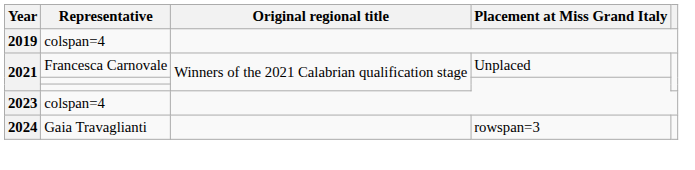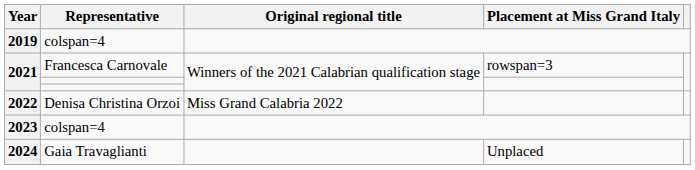 <table class="wikitable defaultcenter col2left" style="font-size:95%;">
 <tr>
 <th>Year</th>
 <th>Representative</th>
 <th>Original regional title</th>
 <th>Placement at Miss Grand Italy</th>
 <th></th>
 </tr>
 <tr>
 <th>2019</th>
 <td>colspan=4 </td>
 </tr>
 <tr>
 <th rowspan=3>2021</th>
 <td>Francesca Carnovale</td>
 <td rowspan=3>Winners of the 2021 Calabrian qualification stage</td>
-<td>Unplaced</td>
+<td>rowspan=3 </td>
 <td rowspan=3></td>
 </tr>
 <tr>
 <td></td>
 </tr>
 <tr>
+<td></td>
+</tr>
+<tr>
+<th>2022</th>
+<td>Denisa Christina Orzoi</td>
+<td>Miss Grand Calabria 2022</td>
+<td></td>
 <td></td>
 </tr>
 <tr>
 <th>2023</th>
 <td>colspan=4 </td>
 </tr>
 <tr>
 <th>2024</th>
 <td>Gaia Travaglianti</td>
 <td></td>
-<td>rowspan=3 </td>
+<td>Unplaced</td>
 <td></td>
 </tr>
 </table>
